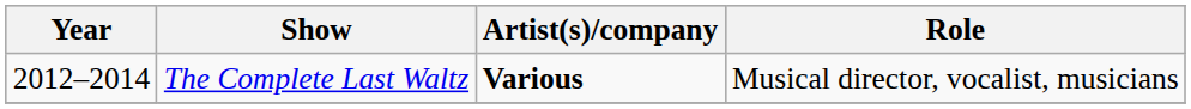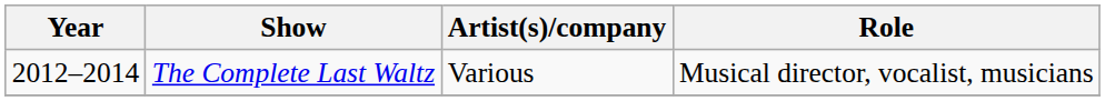 <table class="wikitable" style="text-align:left;font-size:100%;">
 <tr>
 <th>Year</th>
 <th>Show</th>
 <th>Artist(s)/company</th>
 <th>Role</th>
 </tr>
 <tr>
 <td>2012–2014</td>
 <td><em><a href='#'>The Complete Last Waltz</a></em></td>
-<td><strong>Various</strong></td>
+<td>Various</td>
 <td>Musical director, vocalist, musicians</td>
 </tr>
 <tr>
 </tr>
 </table>
